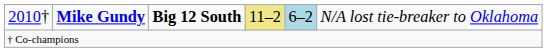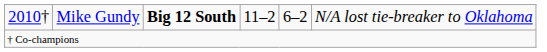 <table class="wikitable">
 <tr>
 </tr>
 <tr>
 <td><a href='#'>2010</a>†</td>
-<td><strong><a href='#'>Mike Gundy</a></strong></td>
+<td><a href='#'>Mike Gundy</a></td>
 <td><strong>Big 12 South</strong></td>
-<td style="background: khaki;">11–2</td>
-<td style="background: lightblue;">6–2</td>
+<td>11–2</td>
+<td>6–2</td>
 <td colspan="2"><em>N/A lost tie-breaker to <a href='#'>Oklahoma</a></em></td>
 </tr>
 <tr>
 <td colspan="7" style="font-size:8pt;">† Co-champions</td>
 </tr>
 </table>
